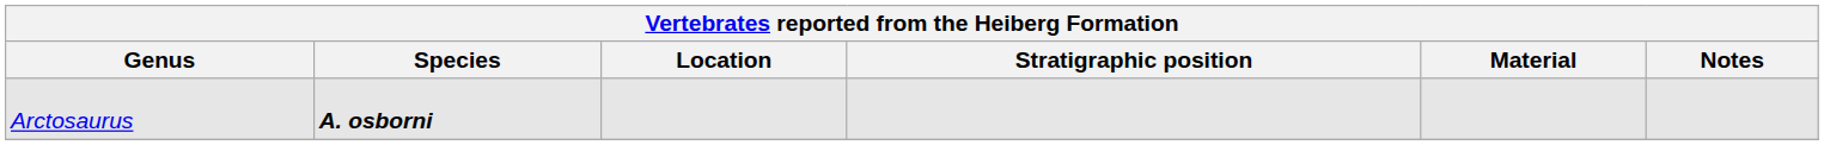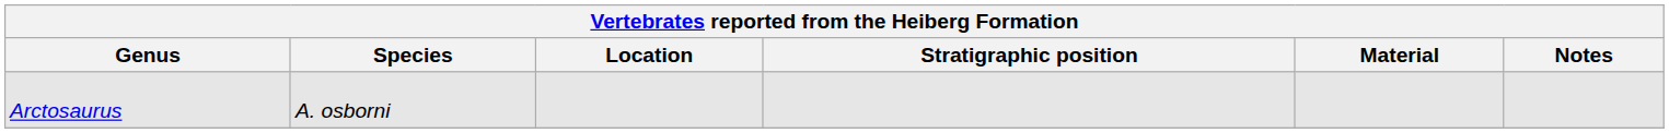 <table class="wikitable" align="center" width="100%">
 <tr>
 <th colspan="7" align="center"><strong><a href='#'>Vertebrates</a> reported from the Heiberg Formation</strong></th>
 </tr>
 <tr>
 <th>Genus</th>
 <th>Species</th>
 <th>Location</th>
 <th>Stratigraphic position</th>
 <th>Material</th>
 <th>Notes<br></th>
 </tr>
 <tr>
 <td style="background:#E6E6E6;"><br><em><a href='#'>Arctosaurus</a></em></td>
-<td style="background:#E6E6E6;"><strong><br><em>A. osborni</em></strong></td>
+<td style="background:#E6E6E6;"><br><em>A. osborni</em></td>
 <td style="background:#E6E6E6;"></td>
 <td style="background:#E6E6E6;"></td>
 <td style="background:#E6E6E6;"></td>
 <td style="background:#E6E6E6;"><br></td>
 </tr>
 <tr>
 </tr>
 </table>
